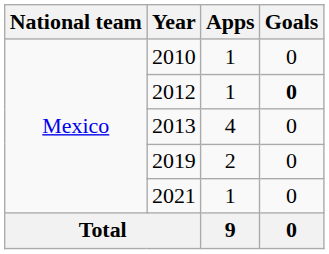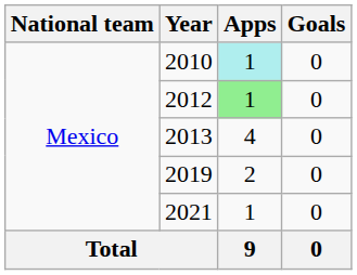 <table class="wikitable" style="text-align: center;">
 <tr>
 <th>National team</th>
 <th>Year</th>
 <th>Apps</th>
 <th>Goals</th>
 </tr>
 <tr>
 <td rowspan="5" valign="center"><a href='#'>Mexico</a></td>
 <td>2010</td>
-<td>1</td>
+<td style="background: paleturquoise;">1</td>
 <td>0</td>
 </tr>
 <tr>
 <td>2012</td>
-<td>1</td>
-<td><strong>0</strong></td>
+<td style="background: lightgreen;">1</td>
+<td>0</td>
 </tr>
 <tr>
 <td>2013</td>
 <td>4</td>
 <td>0</td>
 </tr>
 <tr>
 <td>2019</td>
 <td>2</td>
 <td>0</td>
 </tr>
 <tr>
 <td>2021</td>
 <td>1</td>
 <td>0</td>
 </tr>
 <tr>
 <th colspan="2">Total</th>
 <th>9</th>
 <th>0</th>
 </tr>
 </table>
